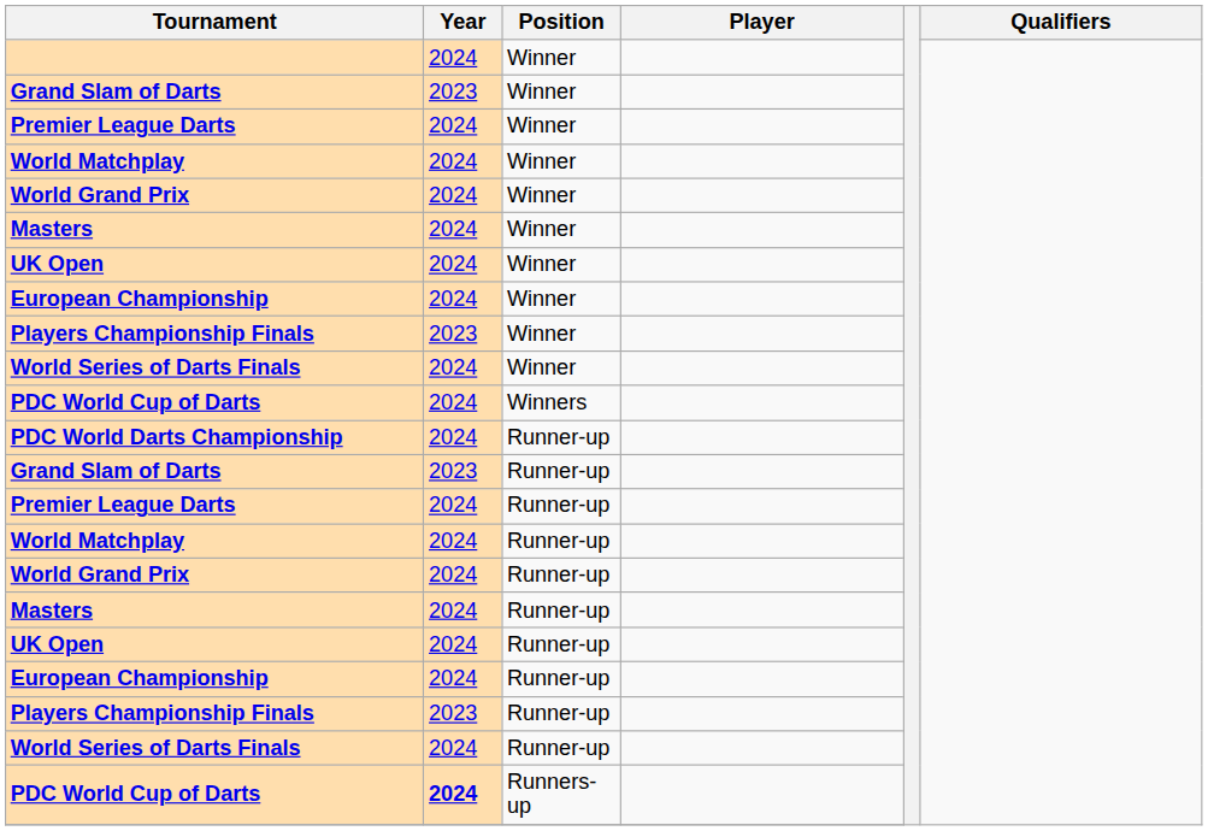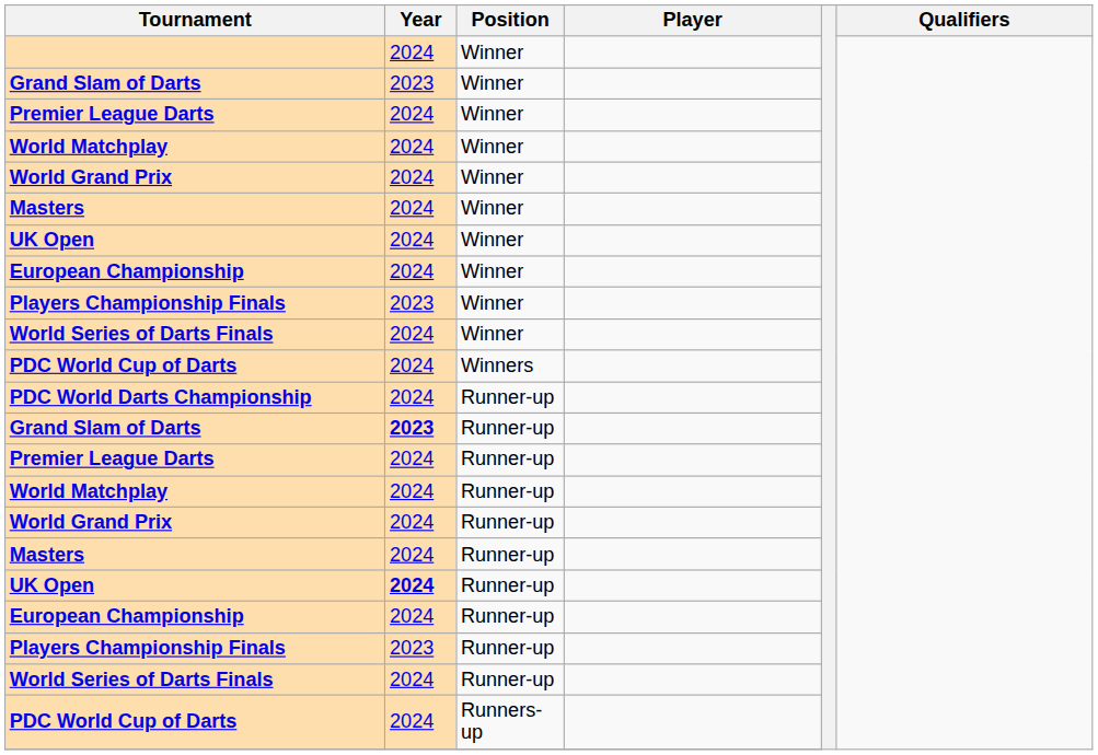 <table class="wikitable">
 <tr>
 <th width=300>Tournament</th>
 <th width=50>Year</th>
 <th width=80>Position</th>
 <th width=200>Player</th>
 <th rowspan=28 width=5></th>
 <th width=200>Qualifiers</th>
 </tr>
 <tr>
 <td style="background:#ffdead;"></td>
 <td style="background:#ffdead;"><a href='#'>2024</a></td>
 <td>Winner</td>
 <td></td>
 <td rowspan=31><br><br><br><br><br><br><br><br><br><br><br><br><br></td>
 </tr>
 <tr>
 <td style="background:#ffdead;"><strong><a href='#'>Grand Slam of Darts</a></strong></td>
 <td style="background:#ffdead;"><a href='#'>2023</a></td>
 <td>Winner</td>
 <td><em></em></td>
 </tr>
 <tr>
 <td style="background:#ffdead;"><strong><a href='#'>Premier League Darts</a></strong></td>
 <td style="background:#ffdead;"><a href='#'>2024</a></td>
 <td>Winner</td>
 <td></td>
 </tr>
 <tr>
 <td style="background:#ffdead;"><strong><a href='#'>World Matchplay</a></strong></td>
 <td style="background:#ffdead;"><a href='#'>2024</a></td>
 <td>Winner</td>
 <td><em></em></td>
 </tr>
 <tr>
 <td style="background:#ffdead;"><strong><a href='#'>World Grand Prix</a></strong></td>
 <td style="background:#ffdead;"><a href='#'>2024</a></td>
 <td>Winner</td>
 <td></td>
 </tr>
 <tr>
 <td style="background:#ffdead;"><strong><a href='#'>Masters</a></strong></td>
 <td style="background:#ffdead;"><a href='#'>2024</a></td>
 <td>Winner</td>
 <td></td>
 </tr>
 <tr>
 <td style="background:#ffdead;"><strong><a href='#'>UK Open</a></strong></td>
 <td style="background:#ffdead;"><a href='#'>2024</a></td>
 <td>Winner</td>
 <td></td>
 </tr>
 <tr>
 <td style="background:#ffdead;"><strong><a href='#'>European Championship</a></strong></td>
 <td style="background:#ffdead;"><a href='#'>2024</a></td>
 <td>Winner</td>
 <td></td>
 </tr>
 <tr>
 <td style="background:#ffdead;"><strong><a href='#'>Players Championship Finals</a></strong></td>
 <td style="background:#ffdead;"><a href='#'>2023</a></td>
 <td>Winner</td>
 <td><em></em></td>
 </tr>
 <tr>
 <td style="background:#ffdead;"><strong><a href='#'>World Series of Darts Finals</a></strong></td>
 <td style="background:#ffdead;"><a href='#'>2024</a></td>
 <td>Winner</td>
 <td><em></em></td>
 </tr>
 <tr>
 <td style="background:#ffdead;"><strong><a href='#'>PDC World Cup of Darts</a></strong></td>
 <td style="background:#ffdead;"><a href='#'>2024</a></td>
 <td>Winners</td>
 <td><em></em><br></td>
 </tr>
 <tr>
 <td style="background:#ffdead;"><strong><a href='#'>PDC World Darts Championship</a></strong></td>
 <td style="background:#ffdead;"><a href='#'>2024</a></td>
 <td>Runner-up</td>
 <td><em></em></td>
 </tr>
 <tr>
 <td style="background:#ffdead;"><strong><a href='#'>Grand Slam of Darts</a></strong></td>
-<td style="background:#ffdead;"><a href='#'>2023</a></td>
+<td style="background:#ffdead;"><strong><a href='#'>2023</a></strong></td>
 <td>Runner-up</td>
 <td></td>
 </tr>
 <tr>
 <td style="background:#ffdead;"><strong><a href='#'>Premier League Darts</a></strong></td>
 <td style="background:#ffdead;"><a href='#'>2024</a></td>
 <td>Runner-up</td>
 <td><em></em></td>
 </tr>
 <tr>
 <td style="background:#ffdead;"><strong><a href='#'>World Matchplay</a></strong></td>
 <td style="background:#ffdead;"><a href='#'>2024</a></td>
 <td>Runner-up</td>
 <td></td>
 </tr>
 <tr>
 <td style="background:#ffdead;"><strong><a href='#'>World Grand Prix</a></strong></td>
 <td style="background:#ffdead;"><a href='#'>2024</a></td>
 <td>Runner-up</td>
 <td><em></em></td>
 </tr>
 <tr>
 <td style="background:#ffdead;"><strong><a href='#'>Masters</a></strong></td>
 <td style="background:#ffdead;"><a href='#'>2024</a></td>
 <td>Runner-up</td>
 <td><em></em></td>
 </tr>
 <tr>
 <td style="background:#ffdead;"><strong><a href='#'>UK Open</a></strong></td>
-<td style="background:#ffdead;"><a href='#'>2024</a></td>
+<td style="background:#ffdead;"><strong><a href='#'>2024</a></strong></td>
 <td>Runner-up</td>
 <td><em></em></td>
 </tr>
 <tr>
 <td style="background:#ffdead;"><strong><a href='#'>European Championship</a></strong></td>
 <td style="background:#ffdead;"><a href='#'>2024</a></td>
 <td>Runner-up</td>
 <td></td>
 </tr>
 <tr>
 <td style="background:#ffdead;"><strong><a href='#'>Players Championship Finals</a></strong></td>
 <td style="background:#ffdead;"><a href='#'>2023</a></td>
 <td>Runner-up</td>
 <td><em></em></td>
 </tr>
 <tr>
 <td style="background:#ffdead;"><strong><a href='#'>World Series of Darts Finals</a></strong></td>
 <td style="background:#ffdead;"><a href='#'>2024</a></td>
 <td>Runner-up</td>
 <td><em></em></td>
 </tr>
 <tr>
 <td style="background:#ffdead;"><strong><a href='#'>PDC World Cup of Darts</a></strong></td>
-<td style="background:#ffdead;"><strong><a href='#'>2024</a></strong></td>
+<td style="background:#ffdead;"><a href='#'>2024</a></td>
 <td>Runners-up</td>
 <td><br></td>
 </tr>
 <tr>
 </tr>
 </table>
